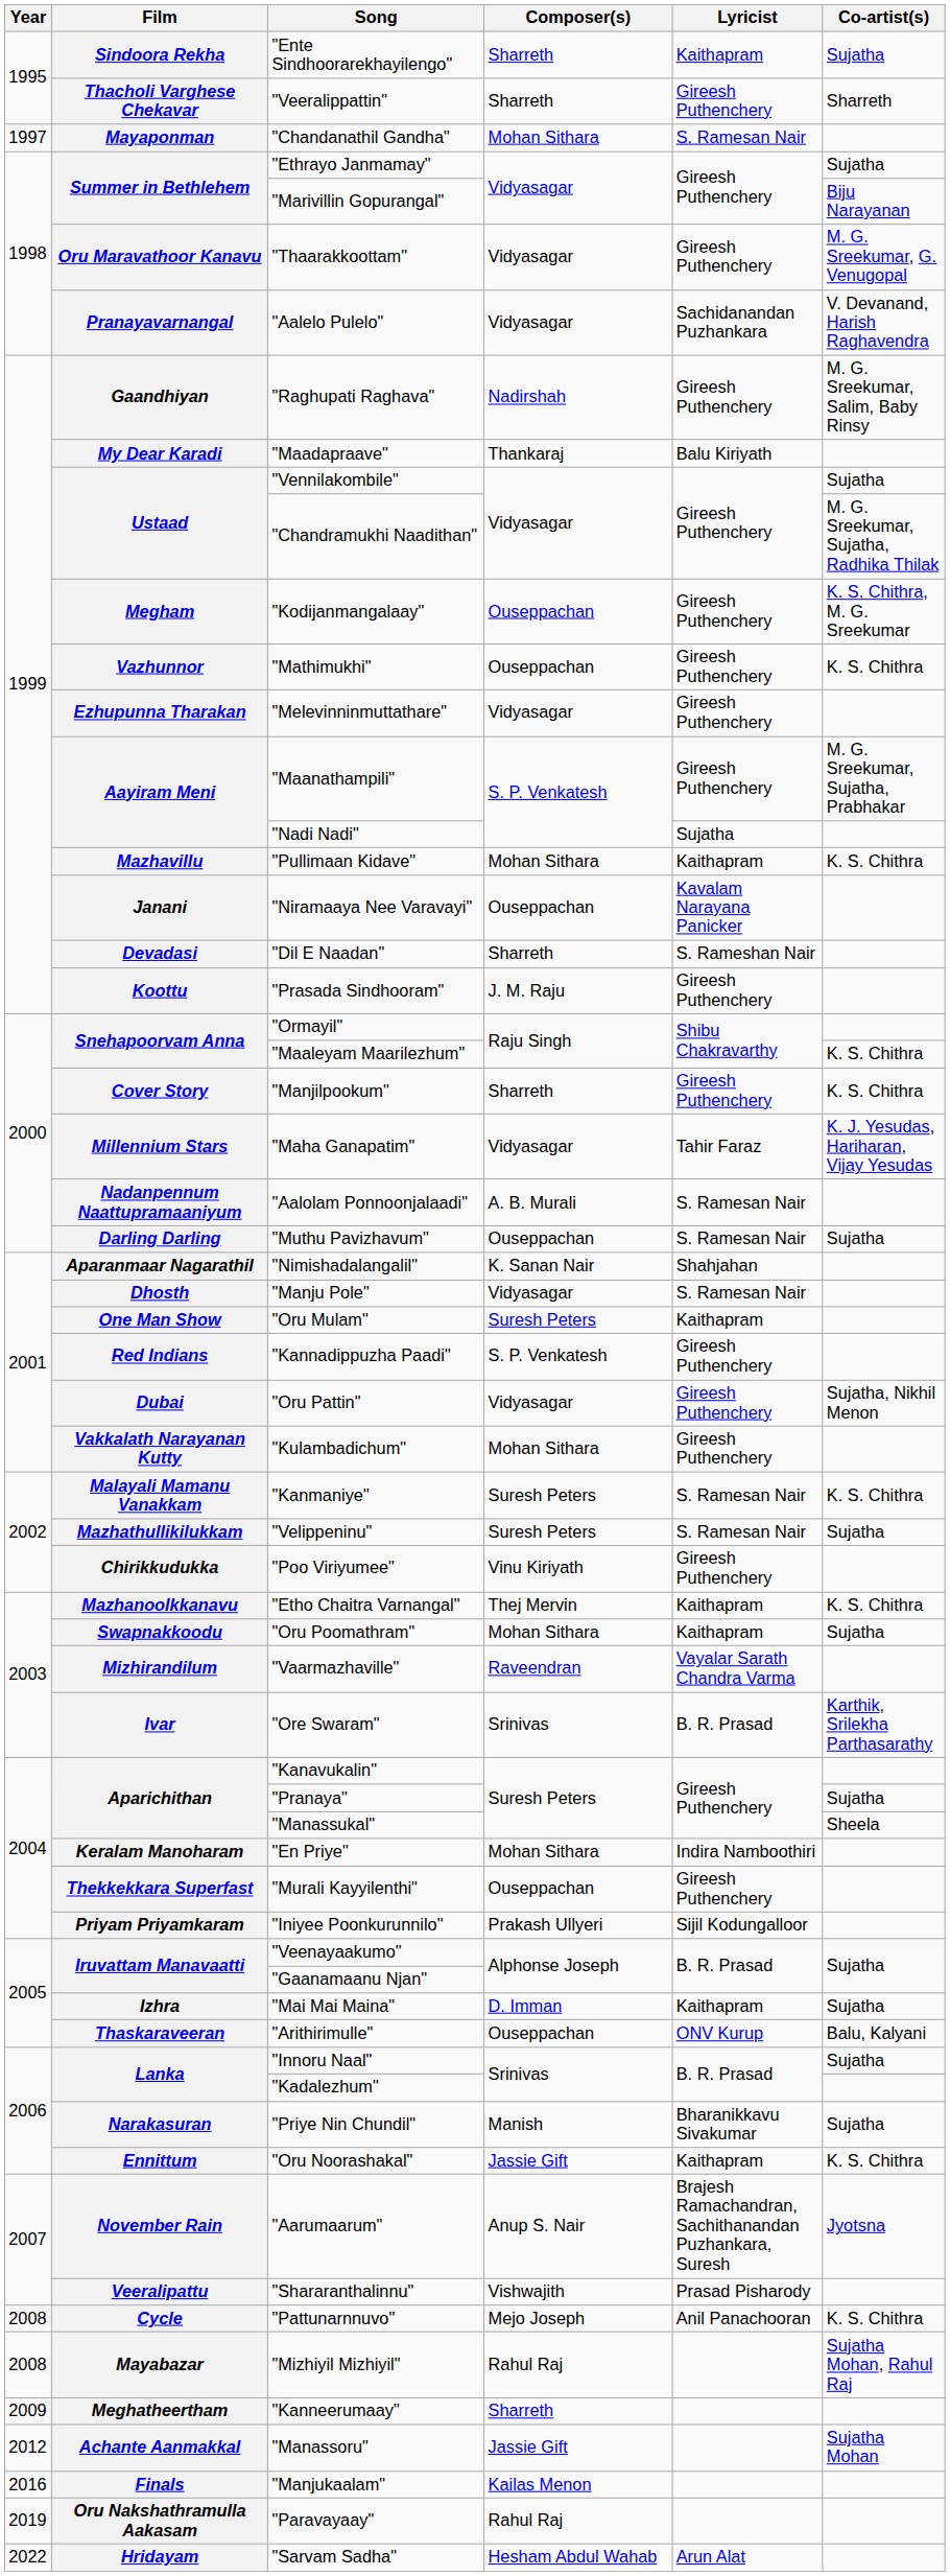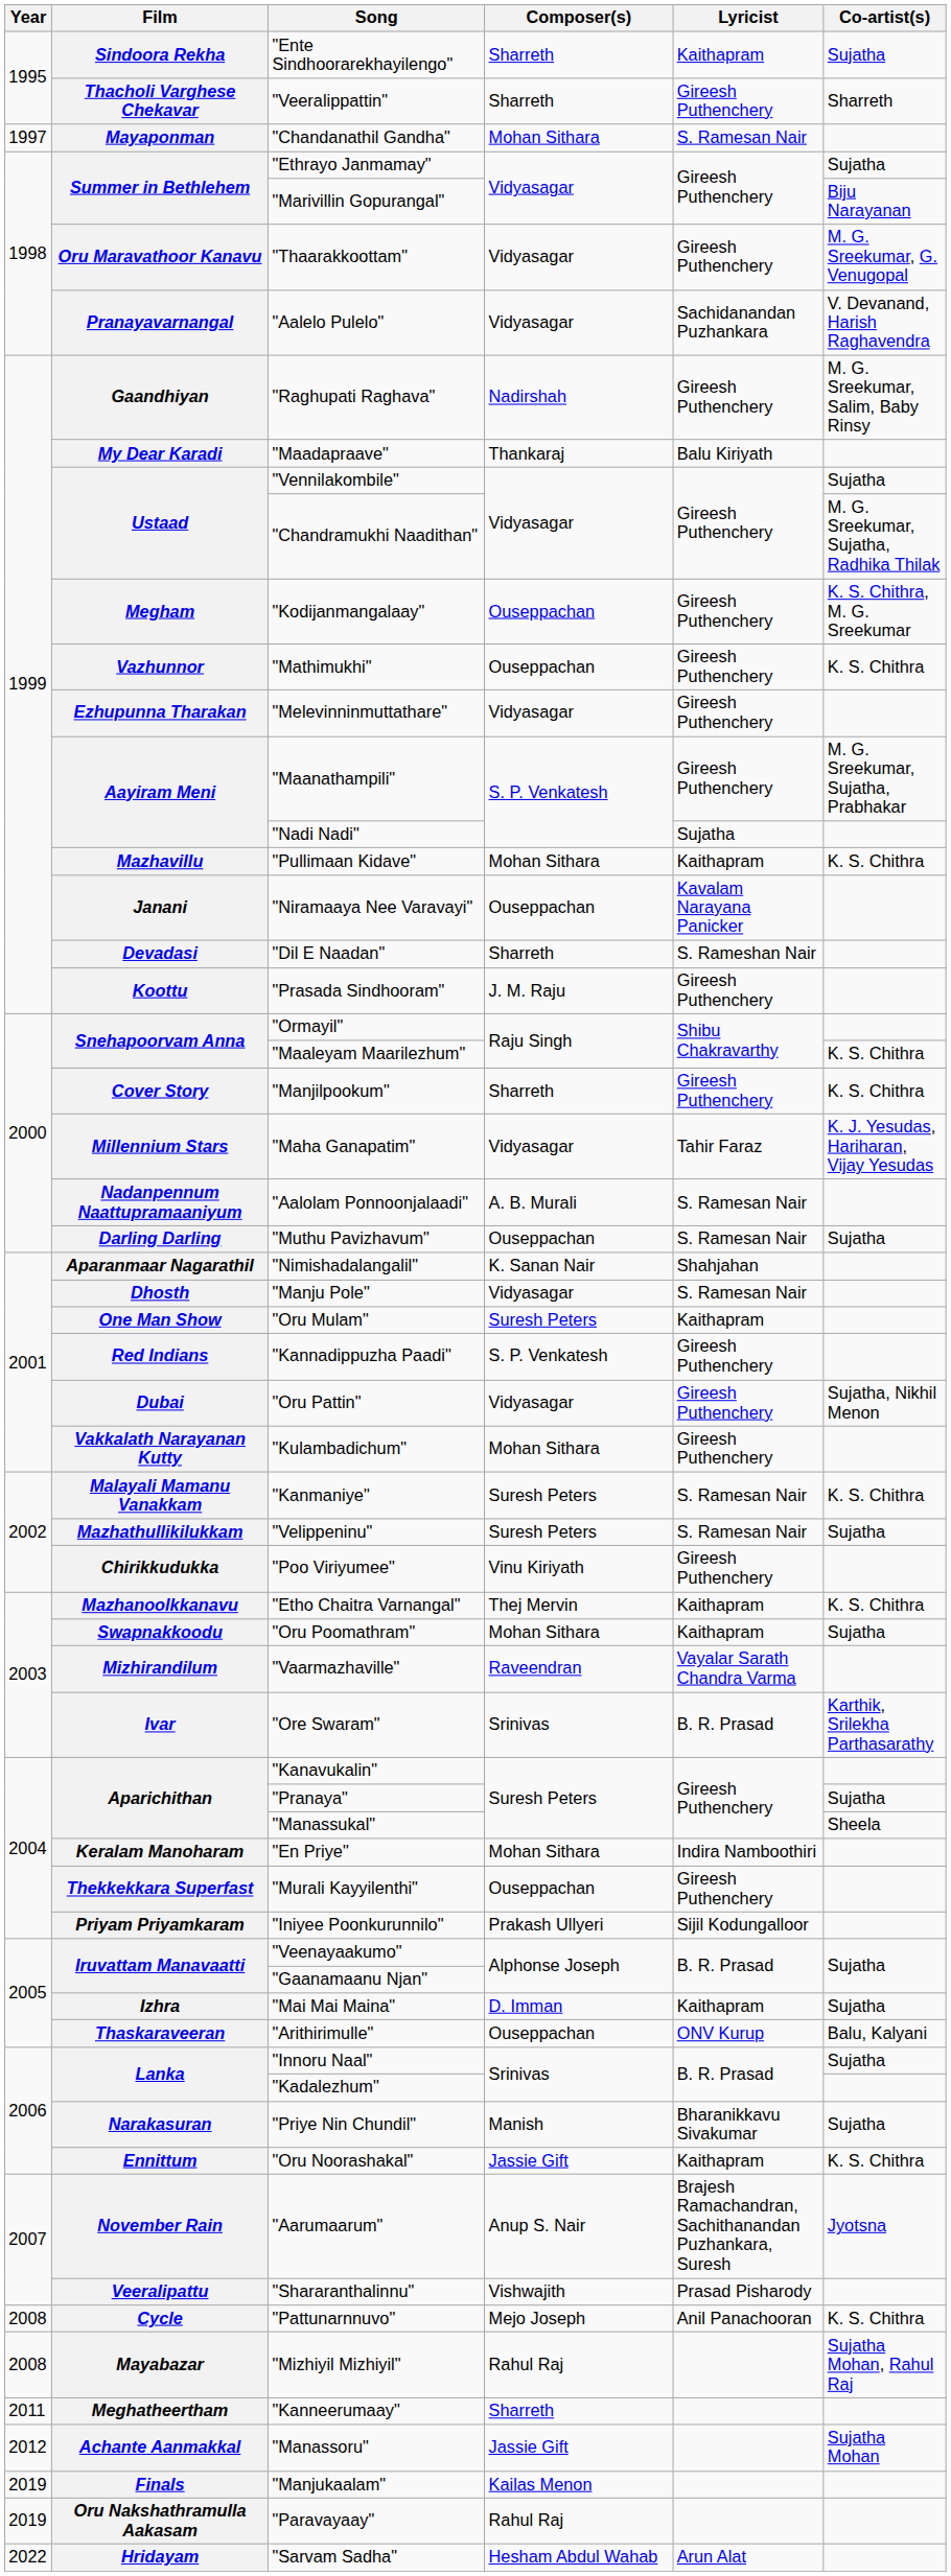 <table class="wikitable plainrowheaders" width="100%" textcolor:#000;">
 <tr style="background:#b0e0e66;">
 <th scope="col" width=5%><strong>Year</strong></th>
 <th scope="col" width=23%><strong>Film</strong></th>
 <th scope="col" width=23%><strong>Song</strong></th>
 <th scope="col" width=20%><strong>Composer(s)</strong></th>
 <th scope="col" width=16%><strong>Lyricist</strong></th>
 <th scope="col" width=18%><strong>Co-artist(s)</strong></th>
 </tr>
 <tr>
 <td rowspan="2">1995</td>
 <th><em><a href='#'>Sindoora Rekha</a></em></th>
 <td>"Ente Sindhoorarekhayilengo"</td>
 <td><a href='#'>Sharreth</a></td>
 <td><a href='#'>Kaithapram</a></td>
 <td><a href='#'>Sujatha</a></td>
 </tr>
 <tr>
 <th><em><a href='#'>Thacholi Varghese Chekavar</a></em></th>
 <td>"Veeralippattin"</td>
 <td>Sharreth</td>
 <td><a href='#'>Gireesh Puthenchery</a></td>
 <td>Sharreth</td>
 </tr>
 <tr>
 <td>1997</td>
 <th><em><a href='#'>Mayaponman</a></em></th>
 <td>"Chandanathil Gandha"</td>
 <td><a href='#'>Mohan Sithara</a></td>
 <td><a href='#'>S. Ramesan Nair</a></td>
 <td></td>
 </tr>
 <tr>
 <td rowspan=4>1998</td>
 <th rowspan=2><em><a href='#'>Summer in Bethlehem</a></em></th>
 <td>"Ethrayo Janmamay"</td>
 <td rowspan=2><a href='#'>Vidyasagar</a></td>
 <td rowspan=2>Gireesh Puthenchery</td>
 <td>Sujatha</td>
 </tr>
 <tr>
 <td>"Marivillin Gopurangal"</td>
 <td><a href='#'>Biju Narayanan</a></td>
 </tr>
 <tr>
 <th><em><a href='#'>Oru Maravathoor Kanavu</a></em></th>
 <td>"Thaarakkoottam"</td>
 <td>Vidyasagar</td>
 <td>Gireesh Puthenchery</td>
 <td><a href='#'>M. G. Sreekumar</a>, <a href='#'>G. Venugopal</a></td>
 </tr>
 <tr>
 <th><em><a href='#'>Pranayavarnangal</a></em></th>
 <td>"Aalelo Pulelo"</td>
 <td>Vidyasagar</td>
 <td>Sachidanandan Puzhankara</td>
 <td>V. Devanand, <a href='#'>Harish Raghavendra</a></td>
 </tr>
 <tr>
 <td rowspan="13">1999</td>
 <th><em>Gaandhiyan</em></th>
 <td>"Raghupati Raghava"</td>
 <td><a href='#'>Nadirshah</a></td>
 <td>Gireesh Puthenchery</td>
 <td>M. G. Sreekumar, Salim, Baby Rinsy</td>
 </tr>
 <tr>
 <th><em><a href='#'>My Dear Karadi</a></em></th>
 <td>"Maadapraave"</td>
 <td>Thankaraj</td>
 <td>Balu Kiriyath</td>
 <td></td>
 </tr>
 <tr>
 <th rowspan="2"><em><a href='#'>Ustaad</a></em></th>
 <td>"Vennilakombile"</td>
 <td rowspan="2">Vidyasagar</td>
 <td rowspan="2">Gireesh Puthenchery</td>
 <td>Sujatha</td>
 </tr>
 <tr>
 <td>"Chandramukhi Naadithan"</td>
 <td>M. G. Sreekumar, Sujatha, <a href='#'>Radhika Thilak</a></td>
 </tr>
 <tr>
 <th><em><a href='#'>Megham</a></em></th>
 <td>"Kodijanmangalaay"</td>
 <td><a href='#'>Ouseppachan</a></td>
 <td>Gireesh Puthenchery</td>
 <td><a href='#'>K. S. Chithra</a>, M. G. Sreekumar</td>
 </tr>
 <tr>
 <th><em><a href='#'>Vazhunnor</a></em></th>
 <td>"Mathimukhi"</td>
 <td>Ouseppachan</td>
 <td>Gireesh Puthenchery</td>
 <td>K. S. Chithra</td>
 </tr>
 <tr>
 <th><em><a href='#'>Ezhupunna Tharakan</a></em></th>
 <td>"Melevinninmuttathare"</td>
 <td>Vidyasagar</td>
 <td>Gireesh Puthenchery</td>
 <td></td>
 </tr>
 <tr>
 <th rowspan="2"><em><a href='#'>Aayiram Meni</a></em></th>
 <td>"Maanathampili"</td>
 <td rowspan="2"><a href='#'>S. P. Venkatesh</a></td>
 <td>Gireesh Puthenchery</td>
 <td>M. G. Sreekumar, Sujatha, Prabhakar</td>
 </tr>
 <tr>
 <td>"Nadi Nadi"</td>
 <td>Sujatha</td>
 </tr>
 <tr>
 <th><em><a href='#'>Mazhavillu</a></em></th>
 <td>"Pullimaan Kidave"</td>
 <td>Mohan Sithara</td>
 <td>Kaithapram</td>
 <td>K. S. Chithra</td>
 </tr>
 <tr>
 <th><em>Janani</em></th>
 <td>"Niramaaya Nee Varavayi"</td>
 <td>Ouseppachan</td>
 <td><a href='#'>Kavalam Narayana Panicker</a></td>
 <td></td>
 </tr>
 <tr>
 <th><em><a href='#'>Devadasi</a></em></th>
 <td>"Dil E Naadan"</td>
 <td>Sharreth</td>
 <td>S. Rameshan Nair</td>
 <td></td>
 </tr>
 <tr>
 <th><em><a href='#'>Koottu</a></em></th>
 <td>"Prasada Sindhooram"</td>
 <td>J. M. Raju</td>
 <td>Gireesh Puthenchery</td>
 <td></td>
 </tr>
 <tr>
 <td rowspan="6">2000</td>
 <th rowspan="2"><em><a href='#'>Snehapoorvam Anna</a></em></th>
 <td>"Ormayil"</td>
 <td rowspan="2">Raju Singh</td>
 <td rowspan="2"><a href='#'>Shibu Chakravarthy</a></td>
 <td></td>
 </tr>
 <tr>
 <td>"Maaleyam Maarilezhum"</td>
 <td>K. S. Chithra</td>
 </tr>
 <tr>
 <th><em><a href='#'>Cover Story</a></em></th>
 <td>"Manjilpookum"</td>
 <td>Sharreth</td>
 <td><a href='#'>Gireesh Puthenchery</a></td>
 <td>K. S. Chithra</td>
 </tr>
 <tr>
 <th><em><a href='#'>Millennium Stars</a></em></th>
 <td>"Maha Ganapatim"</td>
 <td>Vidyasagar</td>
 <td>Tahir Faraz</td>
 <td><a href='#'>K. J. Yesudas</a>, <a href='#'>Hariharan</a>, <a href='#'>Vijay Yesudas</a></td>
 </tr>
 <tr>
 <th><em><a href='#'>Nadanpennum Naattupramaaniyum</a></em></th>
 <td>"Aalolam Ponnoonjalaadi"</td>
 <td>A. B. Murali</td>
 <td>S. Ramesan Nair</td>
 <td></td>
 </tr>
 <tr>
 <th><em><a href='#'>Darling Darling</a></em></th>
 <td>"Muthu Pavizhavum"</td>
 <td>Ouseppachan</td>
 <td>S. Ramesan Nair</td>
 <td>Sujatha</td>
 </tr>
 <tr>
 <td rowspan="6">2001</td>
 <th><em>Aparanmaar Nagarathil</em></th>
 <td>"Nimishadalangalil"</td>
 <td>K. Sanan Nair</td>
 <td>Shahjahan</td>
 <td></td>
 </tr>
 <tr>
 <th><em><a href='#'>Dhosth</a></em></th>
 <td>"Manju Pole"</td>
 <td>Vidyasagar</td>
 <td>S. Ramesan Nair</td>
 <td></td>
 </tr>
 <tr>
 <th><em><a href='#'>One Man Show</a></em></th>
 <td>"Oru Mulam"</td>
 <td><a href='#'>Suresh Peters</a></td>
 <td>Kaithapram</td>
 <td></td>
 </tr>
 <tr>
 <th><em><a href='#'>Red Indians</a></em></th>
 <td>"Kannadippuzha Paadi"</td>
 <td>S. P. Venkatesh</td>
 <td>Gireesh Puthenchery</td>
 <td></td>
 </tr>
 <tr>
 <th><em><a href='#'>Dubai</a></em></th>
 <td>"Oru Pattin"</td>
 <td>Vidyasagar</td>
 <td><a href='#'>Gireesh Puthenchery</a></td>
 <td>Sujatha, Nikhil Menon</td>
 </tr>
 <tr>
 <th><em><a href='#'>Vakkalath Narayanan Kutty</a></em></th>
 <td>"Kulambadichum"</td>
 <td>Mohan Sithara</td>
 <td>Gireesh Puthenchery</td>
 <td></td>
 </tr>
 <tr>
 <td rowspan="3">2002</td>
 <th><em><a href='#'>Malayali Mamanu Vanakkam</a></em></th>
 <td>"Kanmaniye"</td>
 <td>Suresh Peters</td>
 <td>S. Ramesan Nair</td>
 <td>K. S. Chithra</td>
 </tr>
 <tr>
 <th><em><a href='#'>Mazhathullikilukkam</a></em></th>
 <td>"Velippeninu"</td>
 <td>Suresh Peters</td>
 <td>S. Ramesan Nair</td>
 <td>Sujatha</td>
 </tr>
 <tr>
 <th><em>Chirikkudukka</em></th>
 <td>"Poo Viriyumee"</td>
 <td>Vinu Kiriyath</td>
 <td>Gireesh Puthenchery</td>
 <td></td>
 </tr>
 <tr>
 <td rowspan="4">2003</td>
 <th><em><a href='#'>Mazhanoolkkanavu</a></em></th>
 <td>"Etho Chaitra Varnangal"</td>
 <td>Thej Mervin</td>
 <td>Kaithapram</td>
 <td>K. S. Chithra</td>
 </tr>
 <tr>
 <th><em><a href='#'>Swapnakkoodu</a></em></th>
 <td>"Oru Poomathram"</td>
 <td>Mohan Sithara</td>
 <td>Kaithapram</td>
 <td>Sujatha</td>
 </tr>
 <tr>
 <th><em><a href='#'>Mizhirandilum</a></em></th>
 <td>"Vaarmazhaville"</td>
 <td><a href='#'>Raveendran</a></td>
 <td><a href='#'>Vayalar Sarath Chandra Varma</a></td>
 <td></td>
 </tr>
 <tr>
 <th><em><a href='#'>Ivar</a></em></th>
 <td>"Ore Swaram"</td>
 <td>Srinivas</td>
 <td>B. R. Prasad</td>
 <td><a href='#'>Karthik</a>, <a href='#'>Srilekha Parthasarathy</a></td>
 </tr>
 <tr>
 <td rowspan="6">2004</td>
 <th rowspan="3"><em>Aparichithan</em></th>
 <td>"Kanavukalin"</td>
 <td rowspan="3">Suresh Peters</td>
 <td rowspan="3">Gireesh Puthenchery</td>
 <td></td>
 </tr>
 <tr>
 <td>"Pranaya"</td>
 <td>Sujatha</td>
 </tr>
 <tr>
 <td>"Manassukal"</td>
 <td>Sheela</td>
 </tr>
 <tr>
 <th><em>Keralam Manoharam</em></th>
 <td>"En Priye"</td>
 <td>Mohan Sithara</td>
 <td>Indira Namboothiri</td>
 <td></td>
 </tr>
 <tr>
 <th><em><a href='#'>Thekkekkara Superfast</a></em></th>
 <td>"Murali Kayyilenthi"</td>
 <td>Ouseppachan</td>
 <td>Gireesh Puthenchery</td>
 <td></td>
 </tr>
 <tr>
 <th><em>Priyam Priyamkaram</em></th>
 <td>"Iniyee Poonkurunnilo"</td>
 <td>Prakash Ullyeri</td>
 <td>Sijil Kodungalloor</td>
 <td></td>
 </tr>
 <tr>
 <td rowspan="4">2005</td>
 <th rowspan="2"><em><a href='#'>Iruvattam Manavaatti</a></em></th>
 <td>"Veenayaakumo"</td>
 <td rowspan="2">Alphonse Joseph</td>
 <td rowspan="2">B. R. Prasad</td>
 <td rowspan="2">Sujatha</td>
 </tr>
 <tr>
 <td>"Gaanamaanu Njan"</td>
 </tr>
 <tr>
 <th><em>Izhra</em></th>
 <td>"Mai Mai Maina"</td>
 <td><a href='#'>D. Imman</a></td>
 <td>Kaithapram</td>
 <td>Sujatha</td>
 </tr>
 <tr>
 <th><em><a href='#'>Thaskaraveeran</a></em></th>
 <td>"Arithirimulle"</td>
 <td>Ouseppachan</td>
 <td><a href='#'>ONV Kurup</a></td>
 <td>Balu, Kalyani</td>
 </tr>
 <tr>
 <td rowspan="4">2006</td>
 <th rowspan="2"><em><a href='#'>Lanka</a></em></th>
 <td>"Innoru Naal"</td>
 <td rowspan="2">Srinivas</td>
 <td rowspan="2">B. R. Prasad</td>
 <td>Sujatha</td>
 </tr>
 <tr>
 <td>"Kadalezhum"</td>
 <td></td>
 </tr>
 <tr>
 <th><em><a href='#'>Narakasuran</a></em></th>
 <td>"Priye Nin Chundil"</td>
 <td>Manish</td>
 <td>Bharanikkavu Sivakumar</td>
 <td>Sujatha</td>
 </tr>
 <tr>
 <th><em><a href='#'>Ennittum</a></em></th>
 <td>"Oru Noorashakal"</td>
 <td><a href='#'>Jassie Gift</a></td>
 <td>Kaithapram</td>
 <td>K. S. Chithra</td>
 </tr>
 <tr>
 <td rowspan="2">2007</td>
 <th><em><a href='#'>November Rain</a></em></th>
 <td>"Aarumaarum"</td>
 <td>Anup S. Nair</td>
 <td>Brajesh Ramachandran, Sachithanandan Puzhankara, Suresh</td>
 <td><a href='#'>Jyotsna</a></td>
 </tr>
 <tr>
 <th><em><a href='#'>Veeralipattu</a></em></th>
 <td>"Shararanthalinnu"</td>
 <td>Vishwajith</td>
 <td>Prasad Pisharody</td>
 <td></td>
 </tr>
 <tr>
 <td>2008</td>
 <th><em><a href='#'>Cycle</a></em></th>
 <td>"Pattunarnnuvo"</td>
 <td>Mejo Joseph</td>
 <td>Anil Panachooran</td>
 <td>K. S. Chithra</td>
 </tr>
 <tr>
 <td>2008</td>
 <th><em>Mayabazar</em></th>
 <td>"Mizhiyil Mizhiyil"</td>
 <td>Rahul Raj</td>
 <td></td>
 <td><a href='#'>Sujatha Mohan</a>, <a href='#'>Rahul Raj</a></td>
 </tr>
 <tr>
-<td>2009</td>
+<td>2011</td>
 <th><em>Meghatheertham</em></th>
 <td>"Kanneerumaay"</td>
 <td><a href='#'>Sharreth</a></td>
 <td></td>
 <td></td>
 </tr>
 <tr>
 <td>2012</td>
 <th><em><a href='#'>Achante Aanmakkal</a></em></th>
 <td>"Manassoru"</td>
 <td><a href='#'>Jassie Gift</a></td>
 <td></td>
 <td><a href='#'>Sujatha Mohan</a></td>
 </tr>
 <tr>
-<td>2016</td>
+<td>2019</td>
 <th><em><a href='#'>Finals</a></em></th>
 <td>"Manjukaalam"</td>
 <td><a href='#'>Kailas Menon</a></td>
 <td></td>
 <td></td>
 </tr>
 <tr>
 <td>2019</td>
 <th><em>Oru Nakshathramulla Aakasam</em></th>
 <td>"Paravayaay"</td>
 <td>Rahul Raj</td>
 <td></td>
 <td></td>
 </tr>
 <tr>
 <td>2022</td>
 <th><em><a href='#'>Hridayam</a></em></th>
 <td>"Sarvam Sadha"</td>
 <td><a href='#'>Hesham Abdul Wahab</a></td>
 <td><a href='#'>Arun Alat</a></td>
 <td></td>
 </tr>
 </table>
